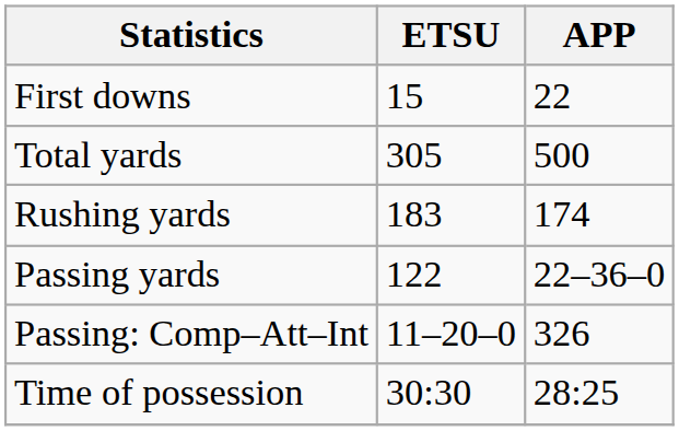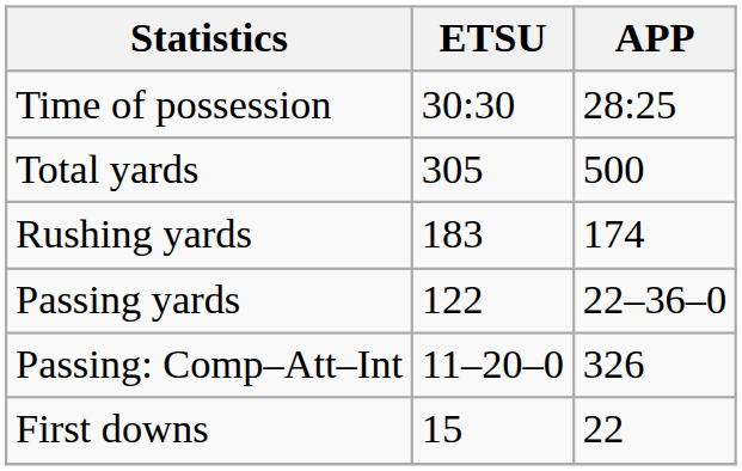 <table class="wikitable" style="float: left;">
 <tr>
 <th>Statistics</th>
 <th>ETSU</th>
 <th>APP</th>
 </tr>
 <tr>
-<td>First downs</td>
-<td>15</td>
-<td>22</td>
+<td>Time of possession</td>
+<td>30:30</td>
+<td>28:25</td>
 </tr>
 <tr>
 <td>Total yards</td>
 <td>305</td>
 <td>500</td>
 </tr>
 <tr>
 <td>Rushing yards</td>
 <td>183</td>
 <td>174</td>
 </tr>
 <tr>
 <td>Passing yards</td>
 <td>122</td>
 <td>22–36–0</td>
 </tr>
 <tr>
 <td>Passing: Comp–Att–Int</td>
 <td>11–20–0</td>
 <td>326</td>
 </tr>
 <tr>
-<td>Time of possession</td>
-<td>30:30</td>
-<td>28:25</td>
+<td>First downs</td>
+<td>15</td>
+<td>22</td>
 </tr>
 <tr>
 </tr>
 </table>
